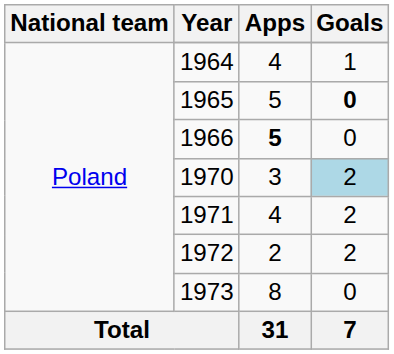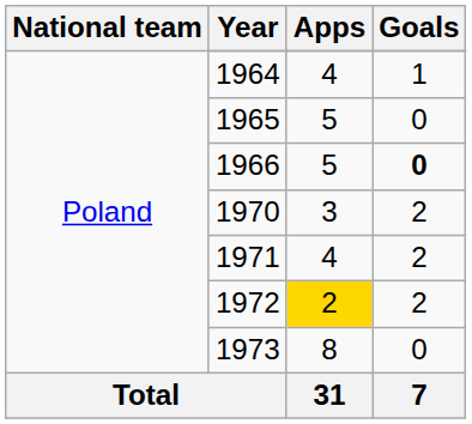 <table class="wikitable" style="text-align:center">
 <tr>
 <th>National team</th>
 <th>Year</th>
 <th>Apps</th>
 <th>Goals</th>
 </tr>
 <tr>
 <td rowspan="8"><a href='#'>Poland</a></td>
 </tr>
 <tr>
 <td>1964</td>
 <td>4</td>
 <td>1</td>
 </tr>
 <tr>
 <td>1965</td>
 <td>5</td>
-<td><strong>0</strong></td>
+<td>0</td>
 </tr>
 <tr>
 <td>1966</td>
-<td><strong>5</strong></td>
-<td>0</td>
+<td>5</td>
+<td><strong>0</strong></td>
 </tr>
 <tr>
 <td>1970</td>
 <td>3</td>
-<td style="background: lightblue;">2</td>
+<td>2</td>
 </tr>
 <tr>
 <td>1971</td>
 <td>4</td>
 <td>2</td>
 </tr>
 <tr>
 <td>1972</td>
-<td>2</td>
+<td style="background: gold;">2</td>
 <td>2</td>
 </tr>
 <tr>
 <td>1973</td>
 <td>8</td>
 <td>0</td>
 </tr>
 <tr>
 <th colspan="2">Total</th>
 <th>31</th>
 <th>7</th>
 </tr>
 </table>
